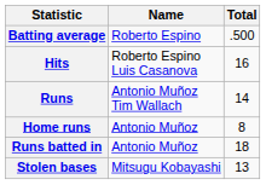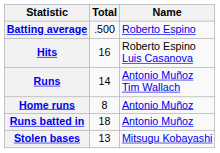 <table class="wikitable plainrowheaders">
 <tr>
 <th scope="col">Statistic</th>
+<th scope="col">Total</th>
 <th scope="col">Name</th>
-<th scope="col">Total</th>
 </tr>
 <tr>
 <th scope="row"><a href='#'>Batting average</a></th>
+<td align=center>.500</td>
 <td> <a href='#'>Roberto Espino</a></td>
-<td align=center>.500</td>
 </tr>
 <tr>
 <th scope="row"><a href='#'>Hits</a></th>
+<td align=center>16</td>
 <td> Roberto Espino <br> <a href='#'>Luis Casanova</a></td>
-<td align=center>16</td>
 </tr>
 <tr>
 <th scope="row"><a href='#'>Runs</a></th>
+<td align=center>14</td>
 <td> <a href='#'>Antonio Muñoz</a><br> <a href='#'>Tim Wallach</a></td>
-<td align=center>14</td>
 </tr>
 <tr>
 <th scope="row"><a href='#'>Home runs</a></th>
+<td align=center>8</td>
 <td> <a href='#'>Antonio Muñoz</a></td>
-<td align=center>8</td>
 </tr>
 <tr>
 <th scope="row"><a href='#'>Runs batted in</a></th>
+<td align=center>18</td>
 <td> <a href='#'>Antonio Muñoz</a></td>
-<td align=center>18</td>
 </tr>
 <tr>
 <th scope="row"><a href='#'>Stolen bases</a></th>
+<td align=center>13</td>
 <td> <a href='#'>Mitsugu Kobayashi</a></td>
-<td align=center>13</td>
 </tr>
 </table>
